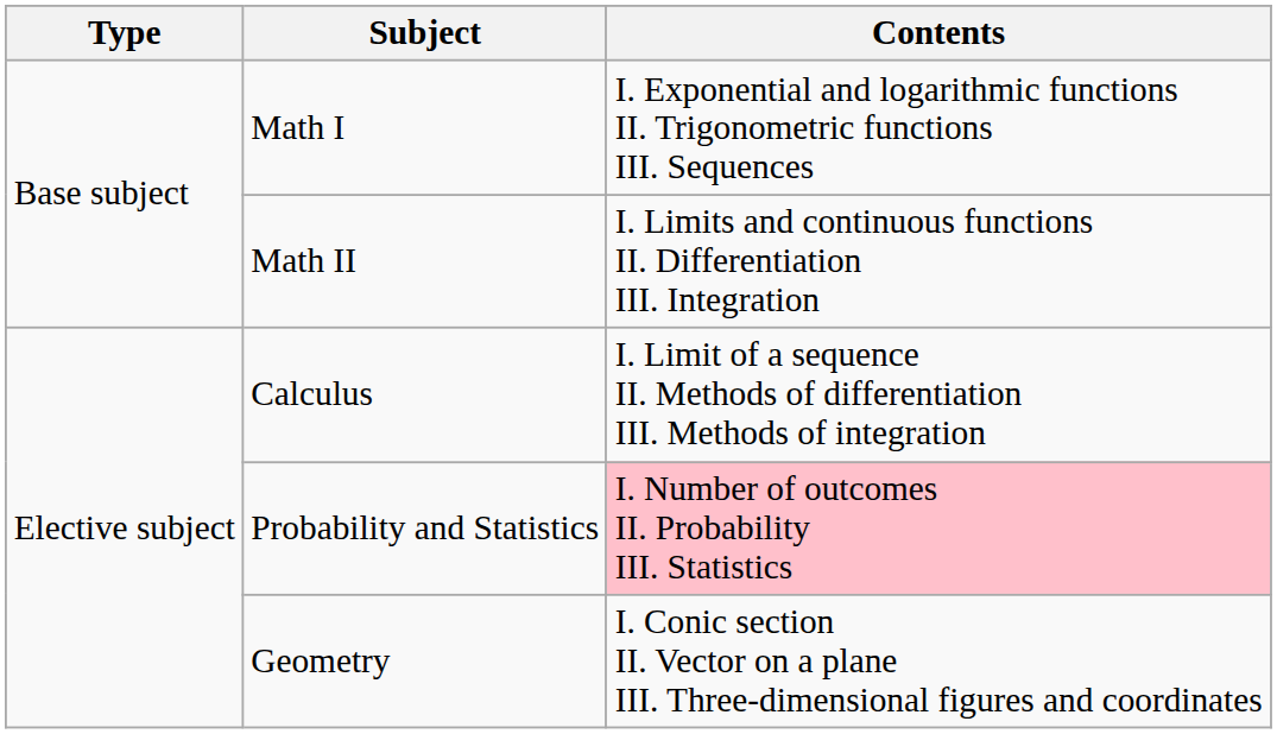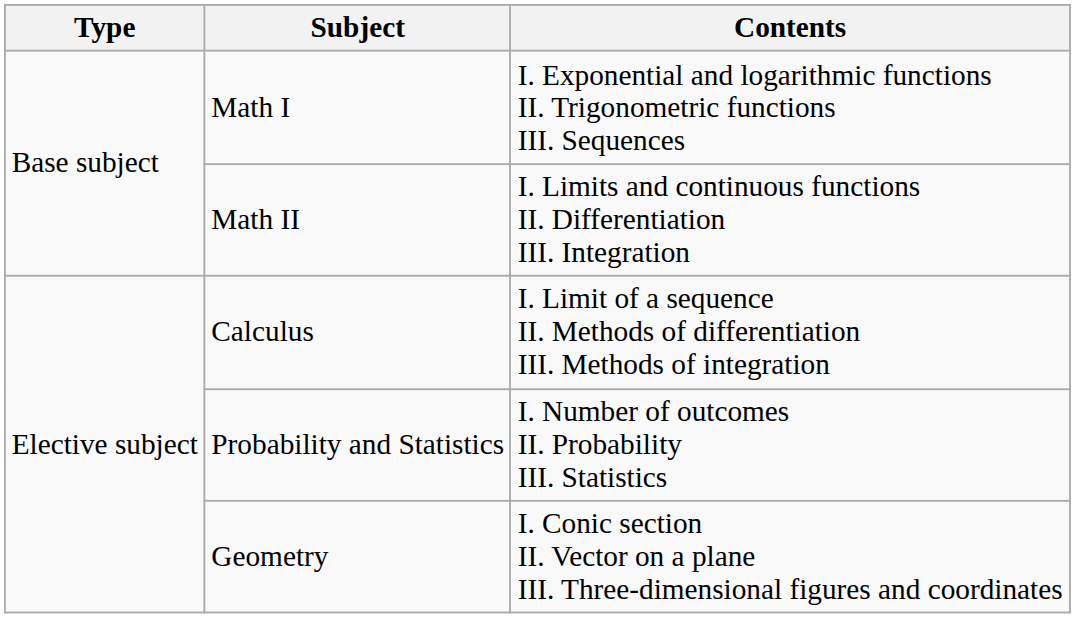 <table class="wikitable">
 <tr>
 <th>Type</th>
 <th>Subject</th>
 <th>Contents</th>
 </tr>
 <tr>
 <td rowspan="2">Base subject</td>
 <td>Math I</td>
 <td>I. Exponential and logarithmic functions<br>II. Trigonometric functions<br>III. Sequences</td>
 </tr>
 <tr>
 <td>Math II</td>
 <td>I. Limits and continuous functions<br>II. Differentiation<br>III. Integration</td>
 </tr>
 <tr>
 <td rowspan="3">Elective subject</td>
 <td>Calculus</td>
 <td>I. Limit of a sequence<br>II. Methods of differentiation<br>III. Methods of integration</td>
 </tr>
 <tr>
 <td>Probability and Statistics</td>
-<td style="background: pink;">I. Number of outcomes<br>II. Probability<br>III. Statistics</td>
+<td>I. Number of outcomes<br>II. Probability<br>III. Statistics</td>
 </tr>
 <tr>
 <td>Geometry</td>
 <td>I. Conic section<br>II. Vector on a plane<br>III. Three-dimensional figures and coordinates</td>
 </tr>
 </table>
